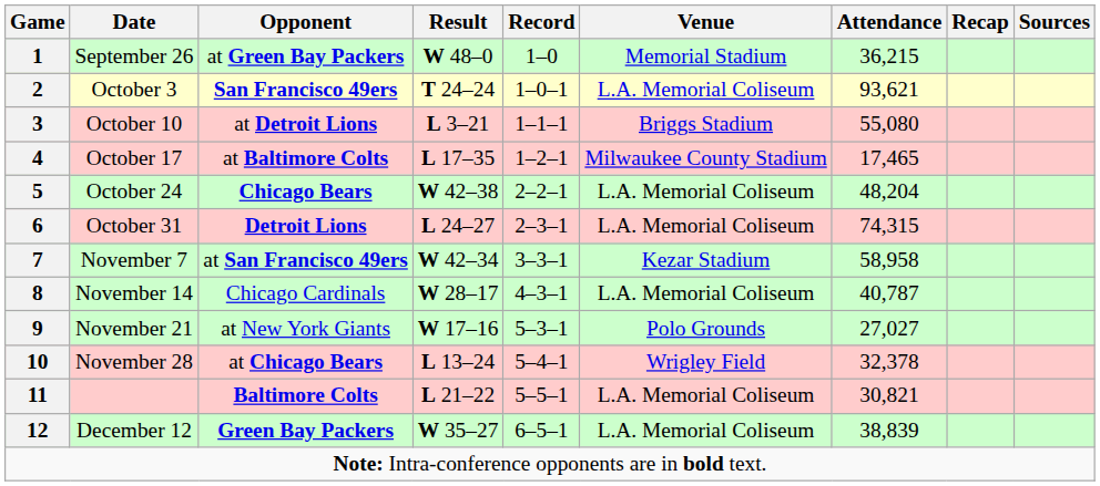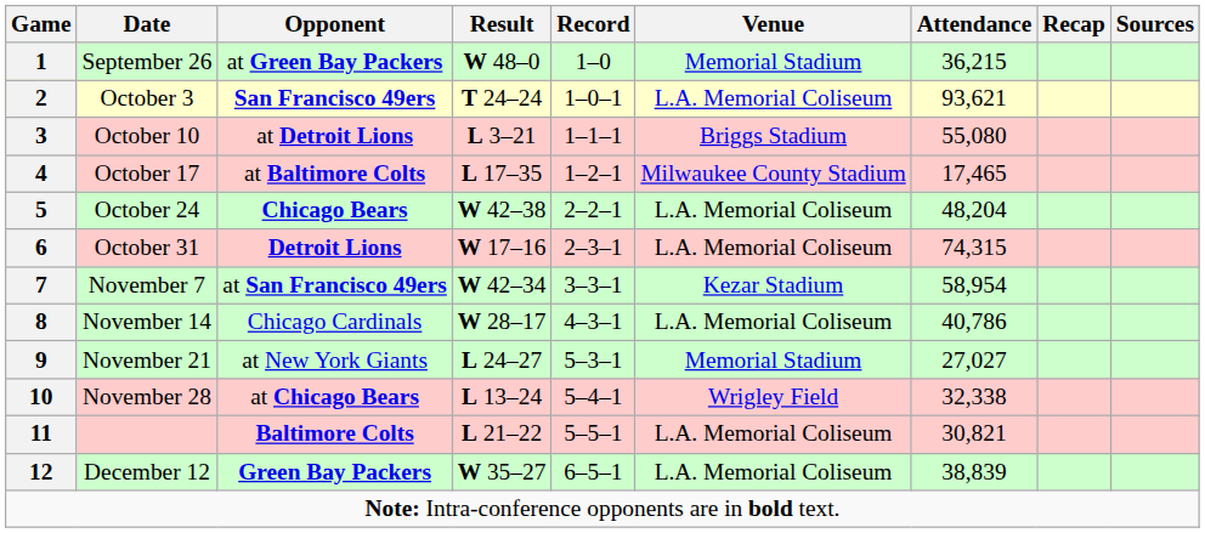 <table class="wikitable" style="text-align:center">
 <tr>
 <th>Game</th>
 <th>Date</th>
 <th>Opponent</th>
 <th>Result</th>
 <th>Record</th>
 <th>Venue</th>
 <th>Attendance</th>
 <th>Recap</th>
 <th>Sources</th>
 </tr>
 <tr style="background:#cfc">
 <th>1</th>
 <td>September 26</td>
 <td>at <strong><a href='#'>Green Bay Packers</a></strong></td>
 <td><strong>W</strong> 48–0</td>
 <td>1–0</td>
 <td><a href='#'>Memorial Stadium</a></td>
 <td>36,215</td>
 <td></td>
 <td></td>
 </tr>
 <tr style="background:#ffc">
 <th>2</th>
 <td>October 3</td>
 <td><strong><a href='#'>San Francisco 49ers</a></strong></td>
 <td><strong>T</strong> 24–24</td>
 <td>1–0–1</td>
 <td><a href='#'>L.A. Memorial Coliseum</a></td>
 <td>93,621</td>
 <td></td>
 <td></td>
 </tr>
 <tr style="background:#fcc">
 <th>3</th>
 <td>October 10</td>
 <td>at <strong><a href='#'>Detroit Lions</a></strong></td>
 <td><strong>L</strong> 3–21</td>
 <td>1–1–1</td>
 <td><a href='#'>Briggs Stadium</a></td>
 <td>55,080</td>
 <td></td>
 <td></td>
 </tr>
 <tr style="background:#fcc">
 <th>4</th>
 <td>October 17</td>
 <td>at <strong><a href='#'>Baltimore Colts</a></strong></td>
 <td><strong>L</strong> 17–35</td>
 <td>1–2–1</td>
 <td><a href='#'>Milwaukee County Stadium</a></td>
 <td>17,465</td>
 <td></td>
 <td></td>
 </tr>
 <tr style="background:#cfc">
 <th>5</th>
 <td>October 24</td>
 <td><strong><a href='#'>Chicago Bears</a></strong></td>
 <td><strong>W</strong> 42–38</td>
 <td>2–2–1</td>
 <td>L.A. Memorial Coliseum</td>
 <td>48,204</td>
 <td></td>
 <td></td>
 </tr>
 <tr style="background:#fcc">
 <th>6</th>
 <td>October 31</td>
 <td><strong><a href='#'>Detroit Lions</a></strong></td>
-<td><strong>L</strong> 24–27</td>
+<td><strong>W</strong> 17–16</td>
 <td>2–3–1</td>
 <td>L.A. Memorial Coliseum</td>
 <td>74,315</td>
 <td></td>
 <td></td>
 </tr>
 <tr style="background:#cfc">
 <th>7</th>
 <td>November 7</td>
 <td>at <strong><a href='#'>San Francisco 49ers</a></strong></td>
 <td><strong>W</strong> 42–34</td>
 <td>3–3–1</td>
 <td><a href='#'>Kezar Stadium</a></td>
-<td>58,958</td>
+<td>58,954</td>
 <td></td>
 <td></td>
 </tr>
 <tr style="background:#cfc">
 <th>8</th>
 <td>November 14</td>
 <td><a href='#'>Chicago Cardinals</a></td>
 <td><strong>W</strong> 28–17</td>
 <td>4–3–1</td>
 <td>L.A. Memorial Coliseum</td>
-<td>40,787</td>
+<td>40,786</td>
 <td></td>
 <td></td>
 </tr>
 <tr style="background:#cfc">
 <th>9</th>
 <td>November 21</td>
 <td>at <a href='#'>New York Giants</a></td>
-<td><strong>W</strong> 17–16</td>
+<td><strong>L</strong> 24–27</td>
 <td>5–3–1</td>
-<td><a href='#'>Polo Grounds</a></td>
+<td><a href='#'>Memorial Stadium</a></td>
 <td>27,027</td>
 <td></td>
 <td></td>
 </tr>
 <tr style="background:#fcc">
 <th>10</th>
 <td>November 28</td>
 <td>at <strong><a href='#'>Chicago Bears</a></strong></td>
 <td><strong>L</strong> 13–24</td>
 <td>5–4–1</td>
 <td><a href='#'>Wrigley Field</a></td>
-<td>32,378</td>
+<td>32,338</td>
 <td></td>
 <td></td>
 </tr>
 <tr style="background:#fcc">
 <th>11</th>
 <td></td>
 <td><strong><a href='#'>Baltimore Colts</a></strong></td>
 <td><strong>L</strong> 21–22</td>
 <td>5–5–1</td>
 <td>L.A. Memorial Coliseum</td>
 <td>30,821</td>
 <td></td>
 <td></td>
 </tr>
 <tr style="background:#cfc">
 <th>12</th>
 <td>December 12</td>
 <td><strong><a href='#'>Green Bay Packers</a></strong></td>
 <td><strong>W</strong> 35–27</td>
 <td>6–5–1</td>
 <td>L.A. Memorial Coliseum</td>
 <td>38,839</td>
 <td></td>
 <td></td>
 </tr>
 <tr>
 <td colspan="10"><strong>Note:</strong> Intra-conference opponents are in <strong>bold</strong> text.</td>
 </tr>
 </table>
